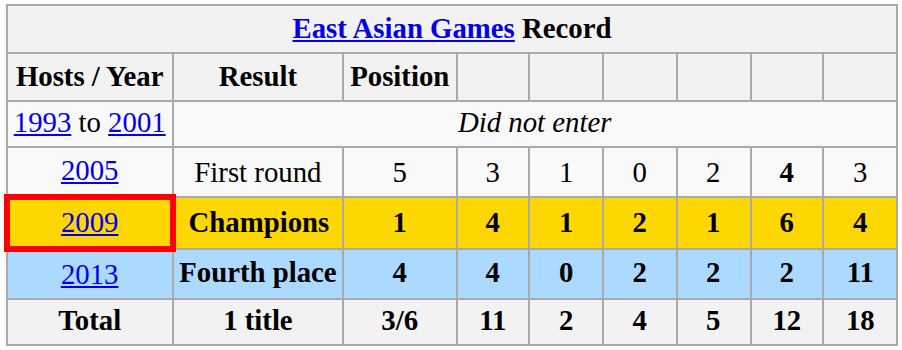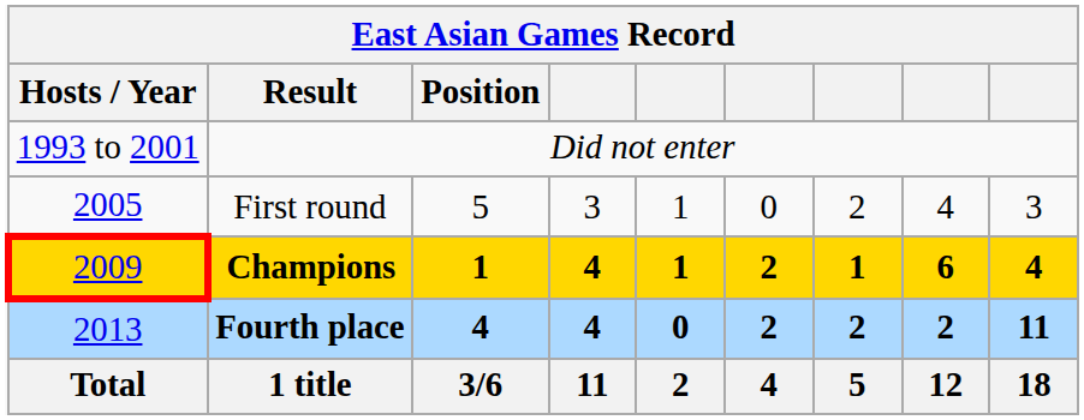 <table class="wikitable" style="text-align: center;font-size:90%;">
 <tr>
 <th colspan=9><a href='#'>East Asian Games</a> Record</th>
 </tr>
 <tr>
 <th>Hosts / Year</th>
 <th>Result</th>
 <th>Position</th>
 <th width=30></th>
 <th width=30></th>
 <th width=30></th>
 <th width=30></th>
 <th width=30></th>
 <th width=30></th>
 </tr>
 <tr>
 <td> <a href='#'>1993</a> to  <a href='#'>2001</a></td>
 <td colspan=8><em>Did not enter</em></td>
 </tr>
 <tr>
 <td> <a href='#'>2005</a></td>
 <td>First round</td>
 <td>5</td>
 <td>3</td>
 <td>1</td>
 <td>0</td>
 <td>2</td>
-<td><strong>4</strong></td>
+<td>4</td>
 <td>3</td>
 </tr>
 <tr bgcolor=gold>
 <td style="border: 3px solid red"> <a href='#'>2009</a></td>
 <td><strong>Champions</strong></td>
 <td><strong>1</strong></td>
 <td><strong>4</strong></td>
 <td><strong>1</strong></td>
 <td><strong>2</strong></td>
 <td><strong>1</strong></td>
 <td><strong>6</strong></td>
 <td><strong>4</strong></td>
 </tr>
 <tr bgcolor=acd9ff>
 <td> <a href='#'>2013</a></td>
 <td><strong>Fourth place</strong></td>
 <td><strong>4</strong></td>
 <td><strong>4</strong></td>
 <td><strong>0</strong></td>
 <td><strong>2</strong></td>
 <td><strong>2</strong></td>
 <td><strong>2</strong></td>
 <td><strong>11</strong></td>
 </tr>
 <tr>
 <th><strong>Total</strong></th>
 <th>1 title</th>
 <th>3/6</th>
 <th>11</th>
 <th>2</th>
 <th>4</th>
 <th>5</th>
 <th>12</th>
 <th>18</th>
 </tr>
 </table>
